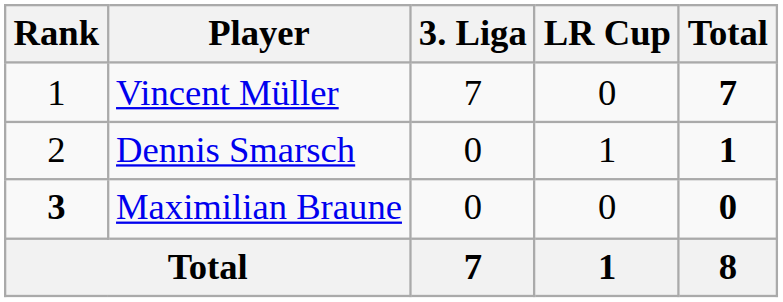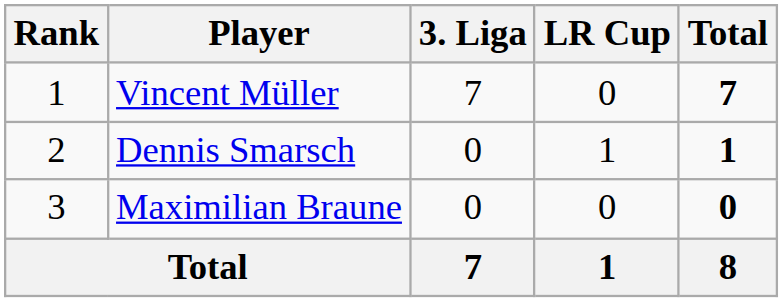 <table class="wikitable" style="text-align: center;">
 <tr>
 <th>Rank</th>
 <th>Player</th>
 <th>3. Liga</th>
 <th>LR Cup</th>
 <th>Total</th>
 </tr>
 <tr>
 <td>1</td>
 <td align=left> <a href='#'>Vincent Müller</a></td>
 <td>7</td>
 <td>0</td>
 <td><strong>7</strong></td>
 </tr>
 <tr>
 <td>2</td>
 <td align=left> <a href='#'>Dennis Smarsch</a></td>
 <td>0</td>
 <td>1</td>
 <td><strong>1</strong></td>
 </tr>
 <tr>
-<td><strong>3</strong></td>
+<td>3</td>
 <td align=left> <a href='#'>Maximilian Braune</a></td>
 <td>0</td>
 <td>0</td>
 <td><strong>0</strong></td>
 </tr>
 <tr>
 <th colspan=2>Total</th>
 <th>7</th>
 <th>1</th>
 <th>8</th>
 </tr>
 </table>
